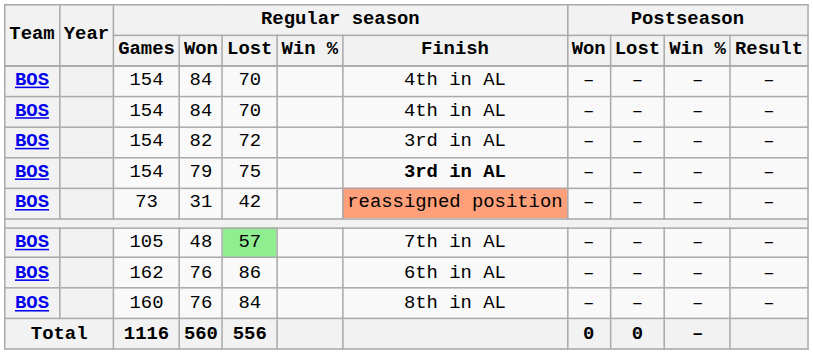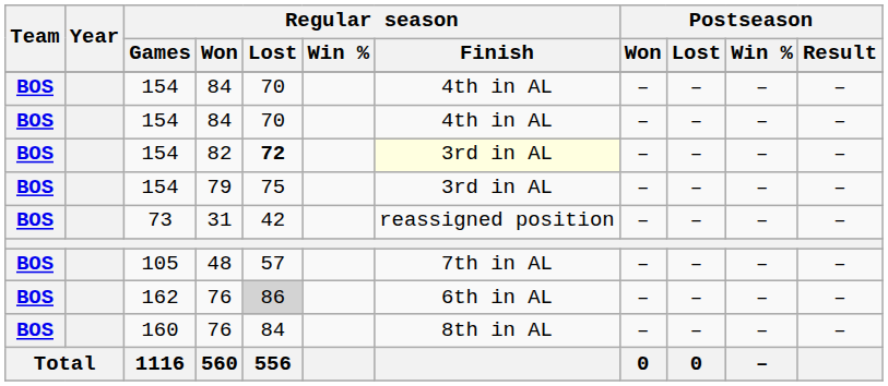 <table class="wikitable" style="font-size: 95%; text-align:center;">
 <tr>
 <th rowspan="2">Team</th>
 <th rowspan="2">Year</th>
 <th colspan="5">Regular season</th>
 <th colspan="4">Postseason</th>
 </tr>
 <tr>
 <th>Games</th>
 <th>Won</th>
 <th>Lost</th>
 <th>Win %</th>
 <th>Finish</th>
 <th>Won</th>
 <th>Lost</th>
 <th>Win %</th>
 <th>Result</th>
 </tr>
 <tr>
 </tr>
 <tr>
 <th><a href='#'>BOS</a></th>
 <th></th>
 <td>154</td>
 <td>84</td>
 <td>70</td>
 <td></td>
 <td>4th in AL</td>
 <td>–</td>
 <td>–</td>
 <td>–</td>
 <td>–</td>
 </tr>
 <tr>
 <th><a href='#'>BOS</a></th>
 <th></th>
 <td>154</td>
 <td>84</td>
 <td>70</td>
 <td></td>
 <td>4th in AL</td>
 <td>–</td>
 <td>–</td>
 <td>–</td>
 <td>–</td>
 </tr>
 <tr>
 <th><a href='#'>BOS</a></th>
 <th></th>
 <td>154</td>
 <td>82</td>
-<td>72</td>
+<td><strong>72</strong></td>
 <td></td>
-<td>3rd in AL</td>
+<td style="background: lightyellow;">3rd in AL</td>
 <td>–</td>
 <td>–</td>
 <td>–</td>
 <td>–</td>
 </tr>
 <tr>
 <th><a href='#'>BOS</a></th>
 <th></th>
 <td>154</td>
 <td>79</td>
 <td>75</td>
 <td></td>
-<td><strong>3rd in AL</strong></td>
+<td>3rd in AL</td>
 <td>–</td>
 <td>–</td>
 <td>–</td>
 <td>–</td>
 </tr>
 <tr>
 <th><a href='#'>BOS</a></th>
 <th></th>
 <td>73</td>
 <td>31</td>
 <td>42</td>
 <td></td>
-<td style="background: lightsalmon;">reassigned position</td>
+<td>reassigned position</td>
 <td>–</td>
 <td>–</td>
 <td>–</td>
 <td>–</td>
 </tr>
 <tr>
 <th colspan="11"></th>
 </tr>
 <tr>
 <th><a href='#'>BOS</a></th>
 <th></th>
 <td>105</td>
 <td>48</td>
-<td style="background: lightgreen;">57</td>
+<td>57</td>
 <td></td>
 <td>7th in AL</td>
 <td>–</td>
 <td>–</td>
 <td>–</td>
 <td>–</td>
 </tr>
 <tr>
 <th><a href='#'>BOS</a></th>
 <th></th>
 <td>162</td>
 <td>76</td>
-<td>86</td>
+<td style="background: lightgrey;">86</td>
 <td></td>
 <td>6th in AL</td>
 <td>–</td>
 <td>–</td>
 <td>–</td>
 <td>–</td>
 </tr>
 <tr>
 <th><a href='#'>BOS</a></th>
 <th></th>
 <td>160</td>
 <td>76</td>
 <td>84</td>
 <td></td>
 <td>8th in AL</td>
 <td>–</td>
 <td>–</td>
 <td>–</td>
 <td>–</td>
 </tr>
 <tr>
 <th colspan="2">Total</th>
 <th>1116</th>
 <th>560</th>
 <th>556</th>
 <th></th>
 <th></th>
 <th>0</th>
 <th>0</th>
 <th>–</th>
 <th></th>
 </tr>
 </table>
